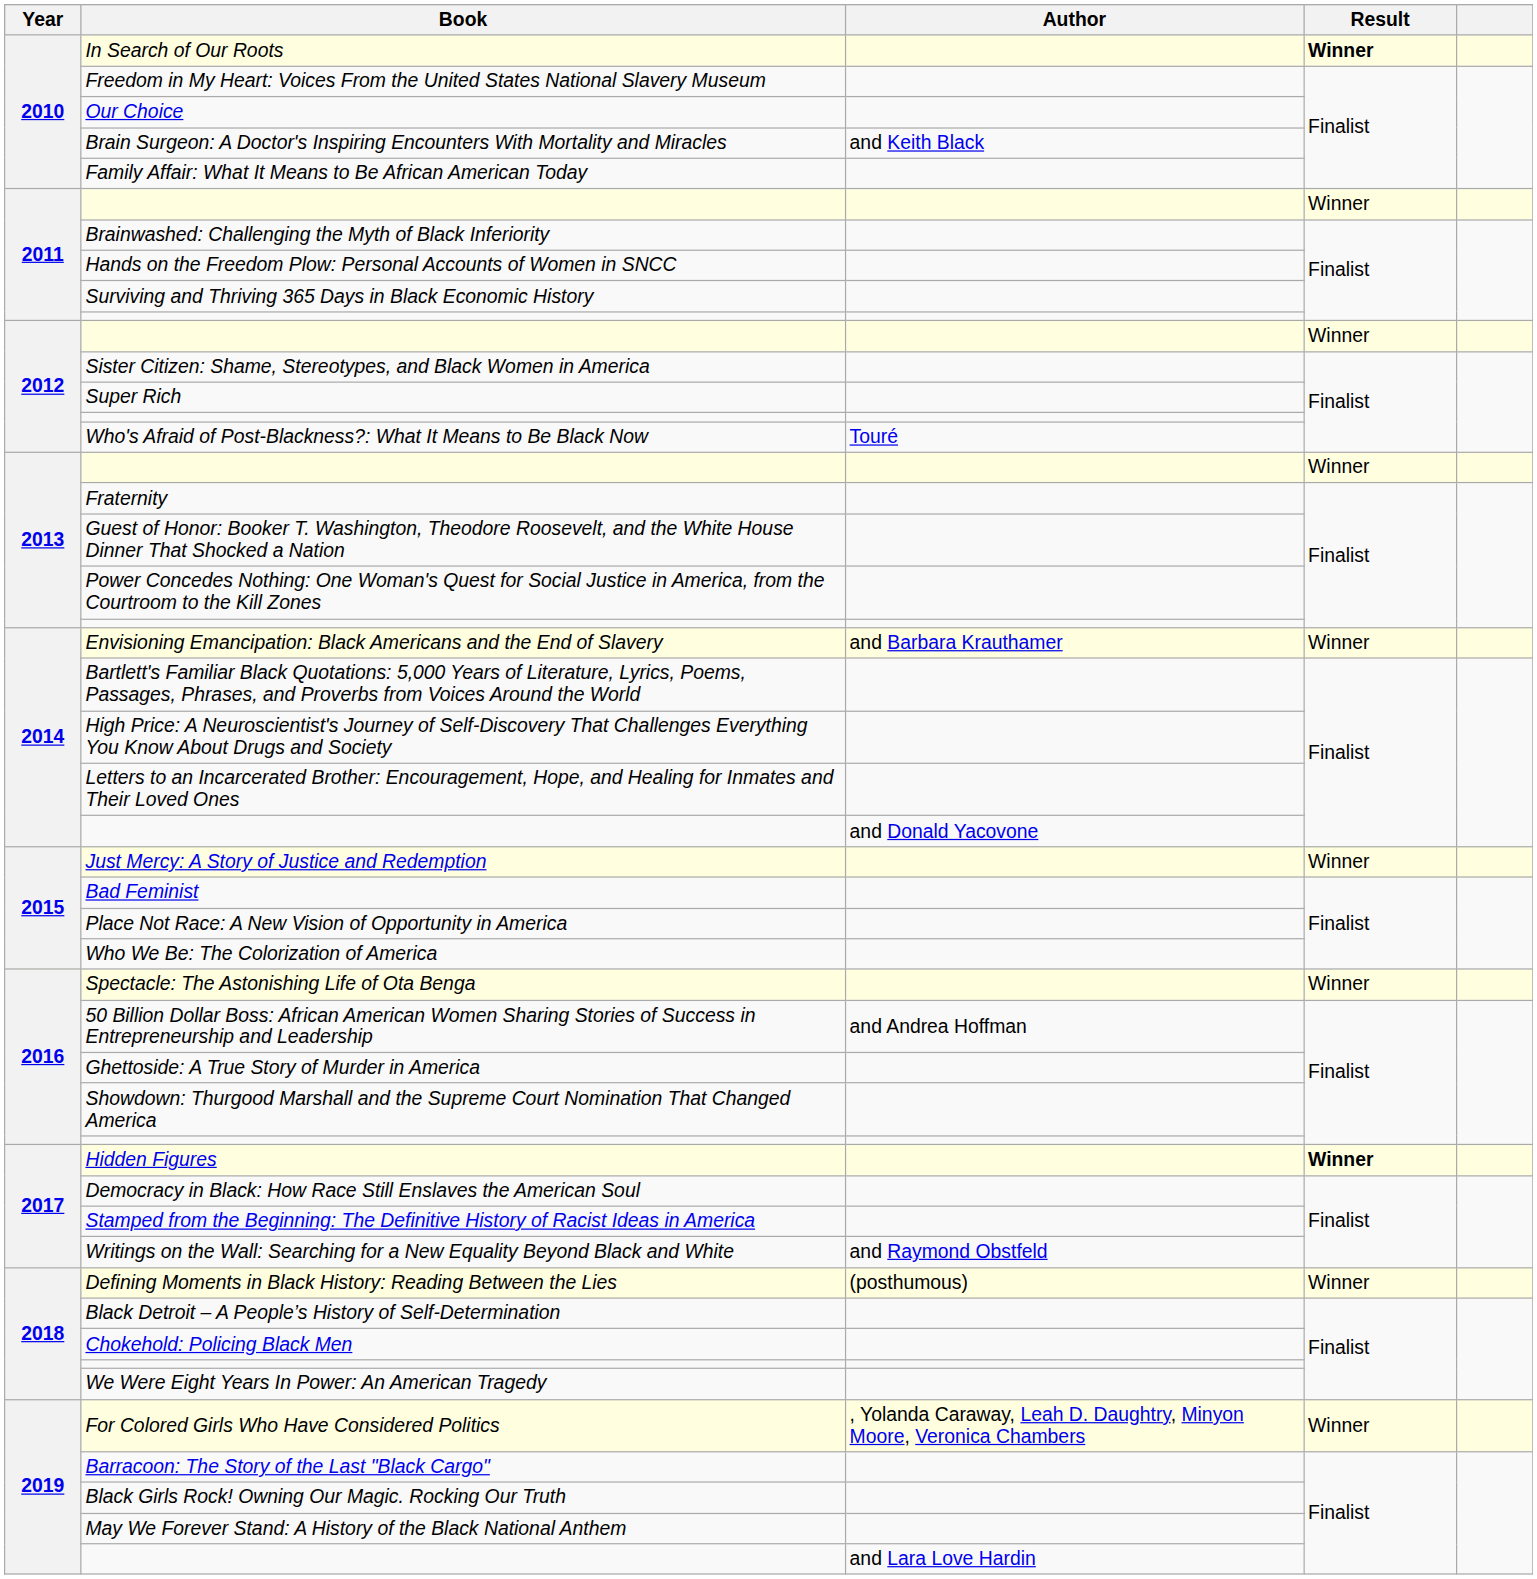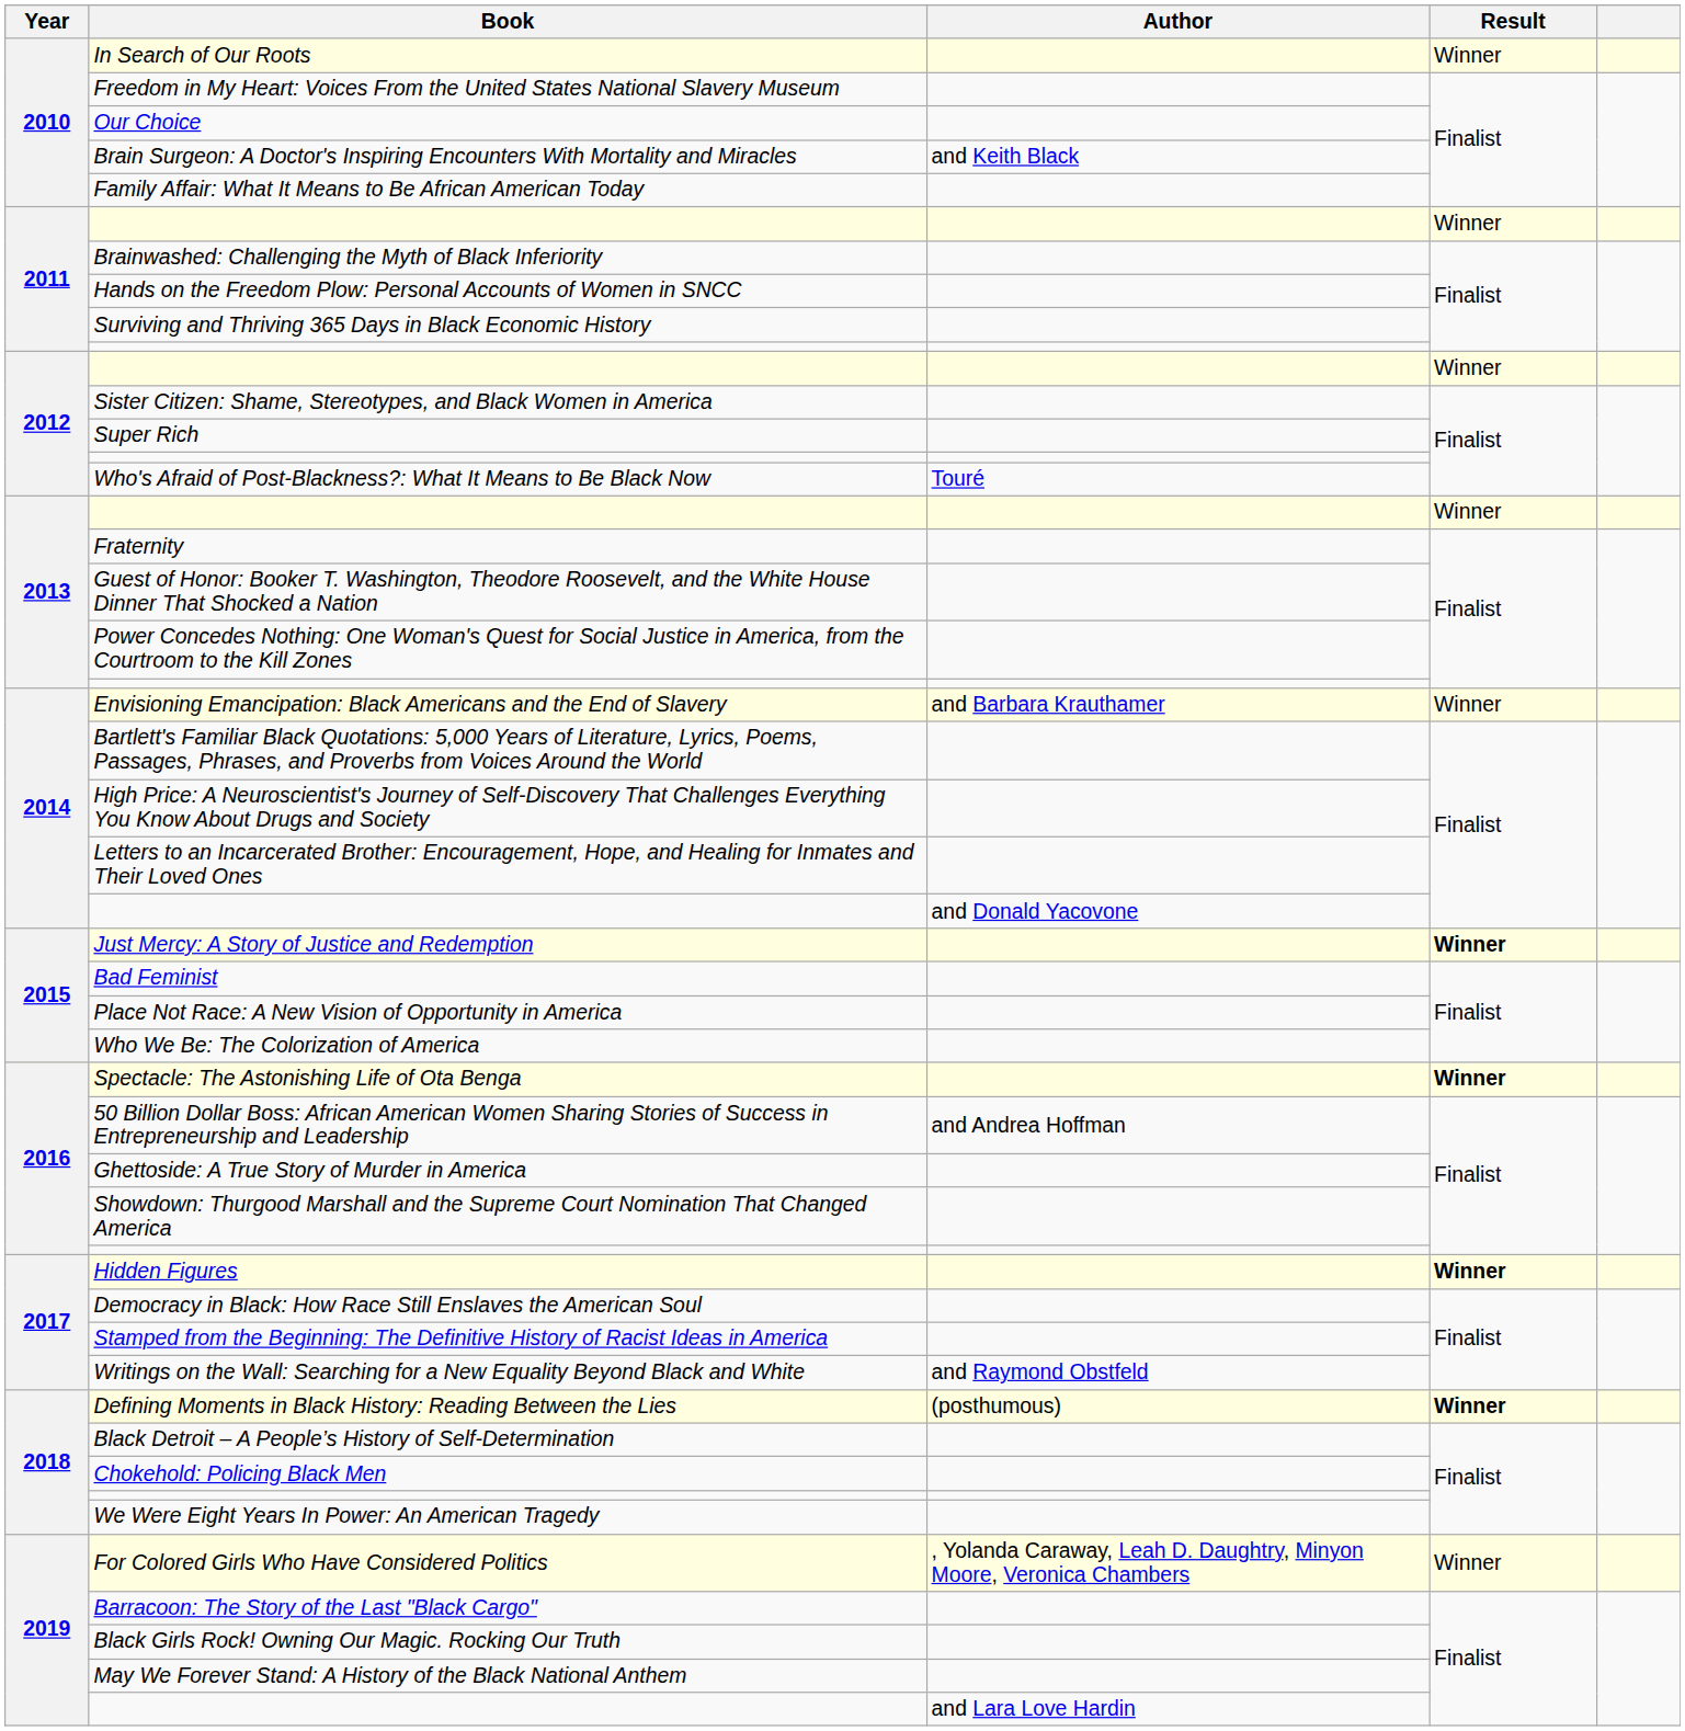 <table class="wikitable sortable mw-collapsible" style="width:100%;">
 <tr style="background:#bebebe;">
 <th scope="col"  width="5%">Year</th>
 <th scope="col"  width="50%">Book</th>
 <th scope="col"  width="30%">Author</th>
 <th scope="col" width="10%">Result</th>
 <th scope="col"  width="5%"></th>
 </tr>
 <tr style=background:lightyellow>
 <th rowspan="5"><a href='#'>2010</a></th>
 <td><em>In Search of Our Roots</em></td>
 <td></td>
-<td><strong>Winner</strong></td>
+<td>Winner</td>
 <td></td>
 </tr>
 <tr>
 <td><em>Freedom in My Heart: Voices From the United States National Slavery Museum</em></td>
 <td></td>
 <td rowspan="4">Finalist</td>
 <td rowspan="4"></td>
 </tr>
 <tr>
 <td><em><a href='#'>Our Choice</a></em></td>
 <td></td>
 </tr>
 <tr>
 <td><em>Brain Surgeon: A Doctor's Inspiring Encounters With Mortality and Miracles</em></td>
 <td> and <a href='#'>Keith Black</a></td>
 </tr>
 <tr>
 <td><em>Family Affair: What It Means to Be African American Today</em></td>
 <td></td>
 </tr>
 <tr style=background:lightyellow>
 <th rowspan="5"><a href='#'>2011</a></th>
 <td></td>
 <td></td>
 <td>Winner</td>
 <td></td>
 </tr>
 <tr>
 <td><em>Brainwashed: Challenging the Myth of Black Inferiority</em></td>
 <td></td>
 <td rowspan="4">Finalist</td>
 <td rowspan="4"></td>
 </tr>
 <tr>
 <td><em>Hands on the Freedom Plow: Personal Accounts of Women in SNCC</em></td>
 <td></td>
 </tr>
 <tr>
 <td><em>Surviving and Thriving 365 Days in Black Economic History</em></td>
 <td></td>
 </tr>
 <tr>
 <td></td>
 <td></td>
 </tr>
 <tr style=background:lightyellow>
 <th rowspan="5"><a href='#'>2012</a></th>
 <td><em></em></td>
 <td></td>
 <td>Winner</td>
 <td></td>
 </tr>
 <tr>
 <td><em>Sister Citizen: Shame, Stereotypes, and Black Women in America</em></td>
 <td></td>
 <td rowspan="4">Finalist</td>
 <td rowspan="4"></td>
 </tr>
 <tr>
 <td><em>Super Rich</em></td>
 <td></td>
 </tr>
 <tr>
 <td><em></em></td>
 <td></td>
 </tr>
 <tr>
 <td><em>Who's Afraid of Post-Blackness?: What It Means to Be Black Now</em></td>
 <td><a href='#'>Touré</a></td>
 </tr>
 <tr style=background:lightyellow>
 <th rowspan="5"><a href='#'>2013</a></th>
 <td></td>
 <td></td>
 <td>Winner</td>
 <td></td>
 </tr>
 <tr>
 <td><em>Fraternity</em></td>
 <td></td>
 <td rowspan="4">Finalist</td>
 <td rowspan="4"></td>
 </tr>
 <tr>
 <td><em>Guest of Honor: Booker T. Washington, Theodore Roosevelt, and the White House Dinner That Shocked a Nation</em></td>
 <td></td>
 </tr>
 <tr>
 <td><em>Power Concedes Nothing: One Woman's Quest for Social Justice in America, from the Courtroom to the Kill Zones</em></td>
 <td></td>
 </tr>
 <tr>
 <td></td>
 <td></td>
 </tr>
 <tr style=background:lightyellow>
 <th rowspan="5"><a href='#'>2014</a></th>
 <td><em>Envisioning Emancipation: Black Americans and the End of Slavery</em></td>
 <td> and <a href='#'>Barbara Krauthamer</a></td>
 <td>Winner</td>
 <td></td>
 </tr>
 <tr>
 <td><em>Bartlett's Familiar Black Quotations: 5,000 Years of Literature, Lyrics, Poems, Passages, Phrases, and Proverbs from Voices Around the World</em></td>
 <td></td>
 <td rowspan="4">Finalist</td>
 <td rowspan="4"></td>
 </tr>
 <tr>
 <td><em>High Price: A Neuroscientist's Journey of Self-Discovery That Challenges Everything You Know About Drugs and Society</em></td>
 <td></td>
 </tr>
 <tr>
 <td><em>Letters to an Incarcerated Brother: Encouragement, Hope, and Healing for Inmates and Their Loved Ones</em></td>
 <td></td>
 </tr>
 <tr>
 <td></td>
 <td> and <a href='#'>Donald Yacovone</a></td>
 </tr>
 <tr style=background:lightyellow>
 <th rowspan="4"><a href='#'>2015</a></th>
 <td><em><a href='#'>Just Mercy: A Story of Justice and Redemption</a></em></td>
 <td></td>
-<td>Winner</td>
+<td><strong>Winner</strong></td>
 <td></td>
 </tr>
 <tr>
 <td><em><a href='#'>Bad Feminist</a></em></td>
 <td></td>
 <td rowspan="3">Finalist</td>
 <td rowspan="3"></td>
 </tr>
 <tr>
 <td><em>Place Not Race: A New Vision of Opportunity in America</em></td>
 <td></td>
 </tr>
 <tr>
 <td><em>Who We Be: The Colorization of America</em></td>
 <td></td>
 </tr>
 <tr style=background:lightyellow>
 <th rowspan="5"><a href='#'>2016</a></th>
 <td><em>Spectacle: The Astonishing Life of Ota Benga</em></td>
 <td></td>
-<td>Winner</td>
+<td><strong>Winner</strong></td>
 <td></td>
 </tr>
 <tr>
 <td><em>50 Billion Dollar Boss: African American Women Sharing Stories of Success in Entrepreneurship and Leadership</em></td>
 <td> and Andrea Hoffman</td>
 <td rowspan="4">Finalist</td>
 <td rowspan="4"></td>
 </tr>
 <tr>
 <td><em>Ghettoside: A True Story of Murder in America</em></td>
 <td></td>
 </tr>
 <tr>
 <td><em>Showdown: Thurgood Marshall and the Supreme Court Nomination That Changed America</em></td>
 <td></td>
 </tr>
 <tr>
 <td><em></em></td>
 <td></td>
 </tr>
 <tr style=background:lightyellow>
 <th rowspan="4"><a href='#'>2017</a></th>
 <td><em><a href='#'>Hidden Figures</a></em></td>
 <td></td>
 <td><strong>Winner</strong></td>
 <td></td>
 </tr>
 <tr>
 <td><em>Democracy in Black: How Race Still Enslaves the American Soul</em></td>
 <td></td>
 <td rowspan="3">Finalist</td>
 <td rowspan="3"></td>
 </tr>
 <tr>
 <td><em><a href='#'>Stamped from the Beginning: The Definitive History of Racist Ideas in America</a></em></td>
 <td></td>
 </tr>
 <tr>
 <td><em>Writings on the Wall: Searching for a New Equality Beyond Black and White</em></td>
 <td> and <a href='#'>Raymond Obstfeld</a></td>
 </tr>
 <tr style=background:lightyellow>
 <th rowspan="5"><a href='#'>2018</a></th>
 <td><em>Defining Moments in Black History: Reading Between the Lies</em></td>
 <td> (posthumous)</td>
-<td>Winner</td>
+<td><strong>Winner</strong></td>
 <td></td>
 </tr>
 <tr>
 <td><em>Black Detroit – A People’s History of Self-Determination</em></td>
 <td></td>
 <td rowspan="4">Finalist</td>
 <td rowspan="4"></td>
 </tr>
 <tr>
 <td><em><a href='#'>Chokehold: Policing Black Men</a></em></td>
 <td></td>
 </tr>
 <tr>
 <td></td>
 <td></td>
 </tr>
 <tr>
 <td><em>We Were Eight Years In Power: An American Tragedy</em></td>
 <td></td>
 </tr>
 <tr style=background:lightyellow>
 <th rowspan="5"><a href='#'>2019</a></th>
 <td><em>For Colored Girls Who Have Considered Politics</em></td>
 <td>, Yolanda Caraway, <a href='#'>Leah D. Daughtry</a>, <a href='#'>Minyon Moore</a>, <a href='#'>Veronica Chambers</a></td>
 <td>Winner</td>
 <td></td>
 </tr>
 <tr>
 <td><em><a href='#'>Barracoon: The Story of the Last "Black Cargo"</a></em></td>
 <td></td>
 <td rowspan="4">Finalist</td>
 <td rowspan="4"></td>
 </tr>
 <tr>
 <td><em>Black Girls Rock! Owning Our Magic. Rocking Our Truth</em></td>
 <td></td>
 </tr>
 <tr>
 <td><em>May We Forever Stand: A History of the Black National Anthem</em></td>
 <td></td>
 </tr>
 <tr>
 <td></td>
 <td> and <a href='#'>Lara Love Hardin</a></td>
 </tr>
 </table>
